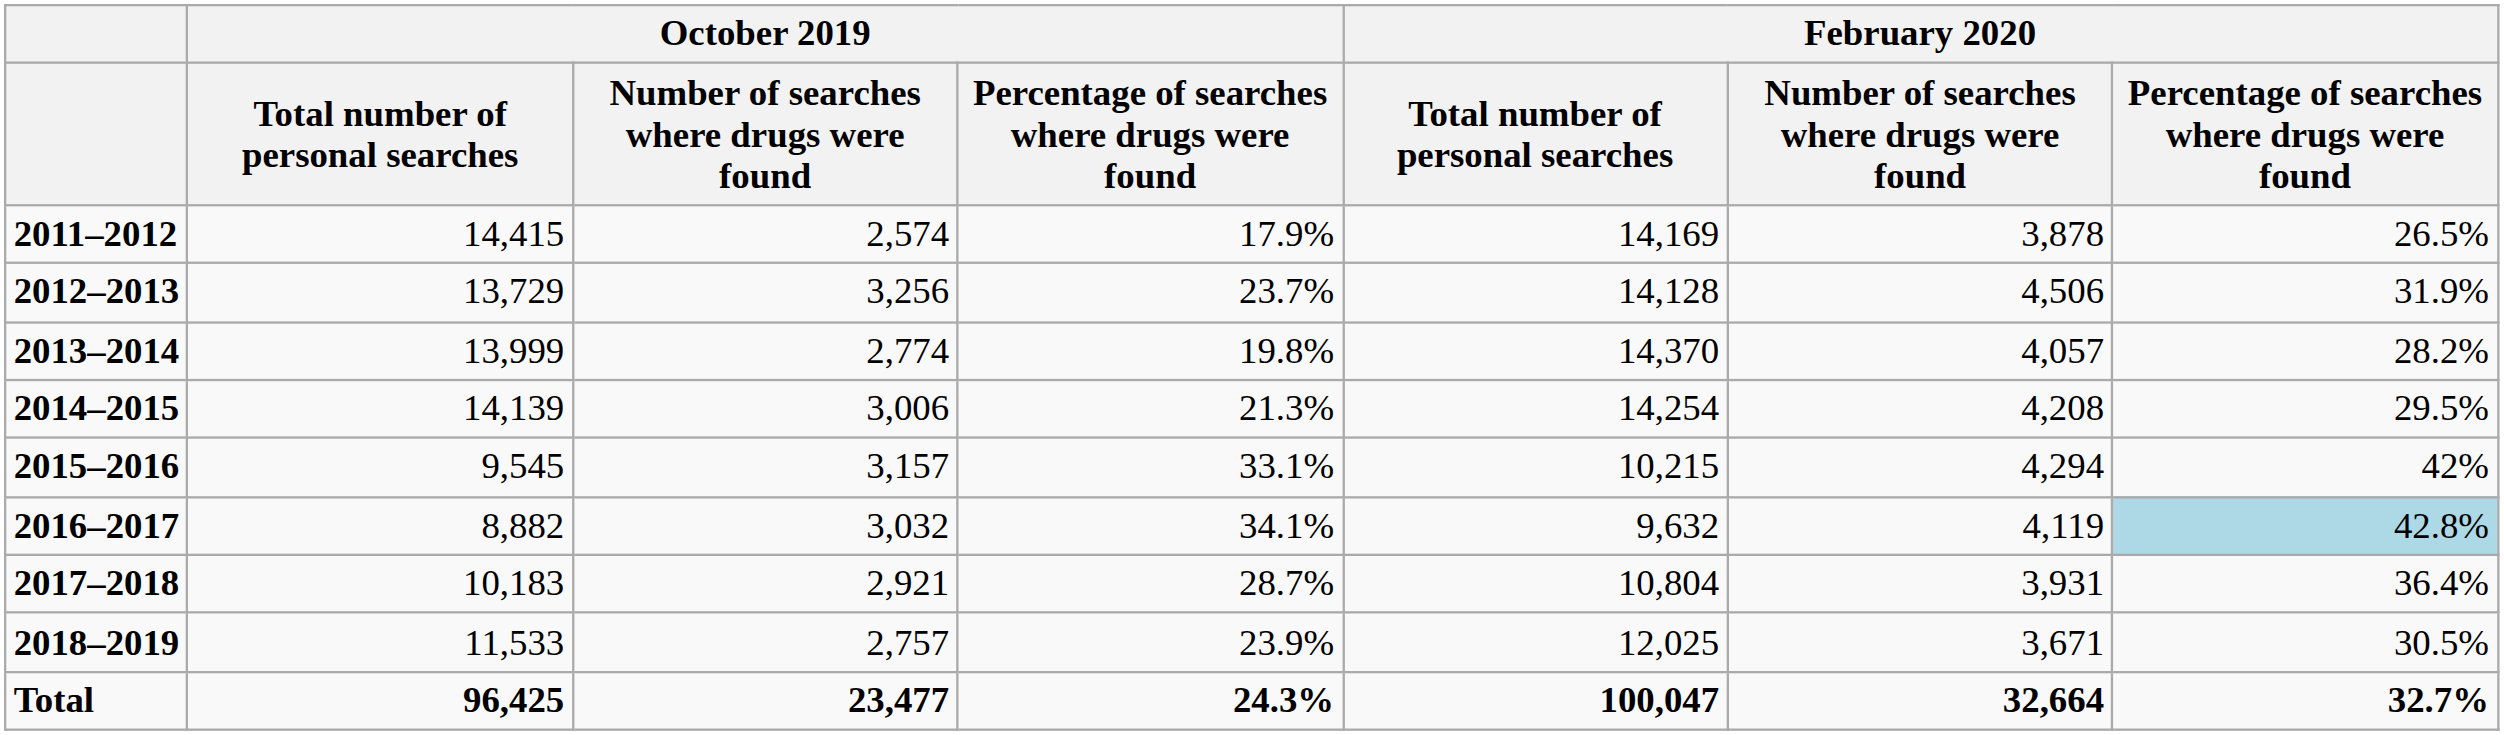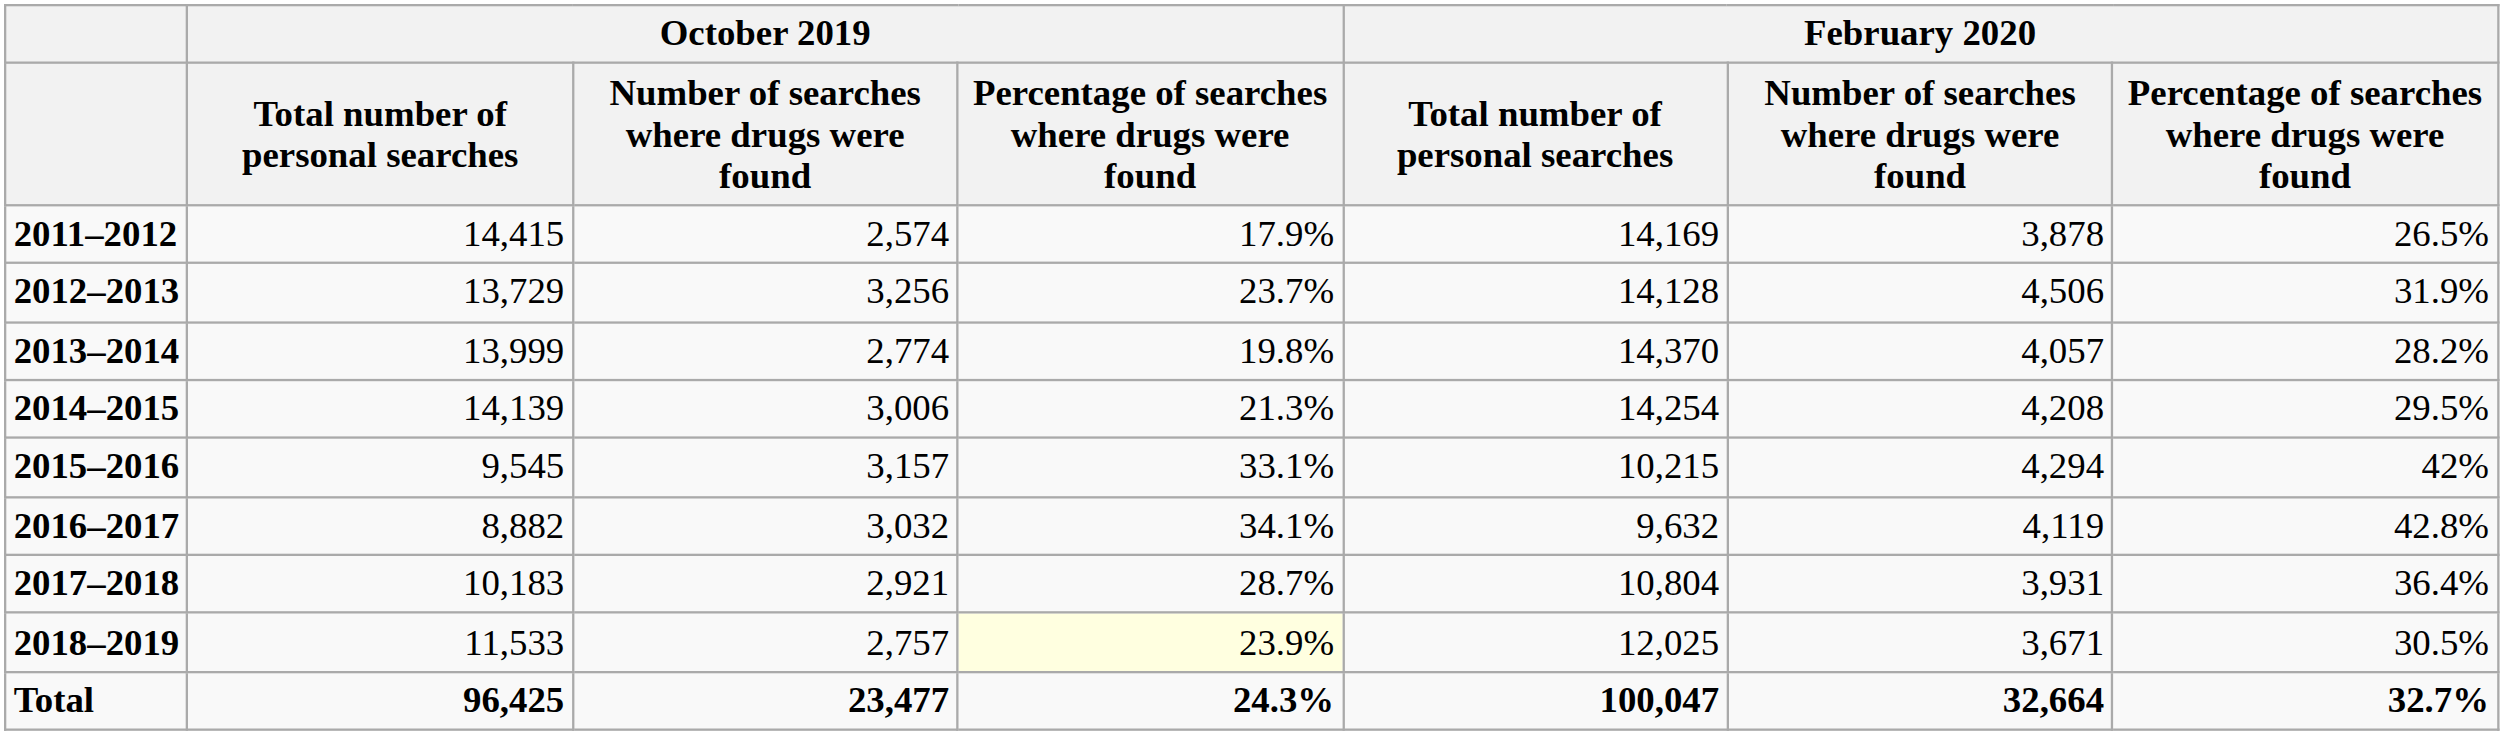 <table class="wikitable">
 <tr>
 <th></th>
 <th colspan="3">October 2019</th>
 <th colspan="3">February 2020</th>
 </tr>
 <tr>
 <th></th>
 <th style="max-width:10em">Total number of personal searches</th>
 <th style="max-width:10em">Number of searches where drugs were found</th>
 <th style="max-width:10em">Percentage of searches where drugs were found</th>
 <th style="max-width:10em">Total number of personal searches</th>
 <th style="max-width:10em">Number of searches where drugs were found</th>
 <th style="max-width:10em">Percentage of searches where drugs were found</th>
 </tr>
 <tr>
 <td style="max-width:10em"><strong>2011–2012</strong></td>
 <td align="right">14,415</td>
 <td align="right">2,574</td>
 <td align="right">17.9%</td>
 <td align="right">14,169</td>
 <td align="right">3,878</td>
 <td align="right">26.5%</td>
 </tr>
 <tr>
 <td style="max-width:10em"><strong>2012–2013</strong></td>
 <td align="right">13,729</td>
 <td align="right">3,256</td>
 <td align="right">23.7%</td>
 <td align="right">14,128</td>
 <td align="right">4,506</td>
 <td align="right">31.9%</td>
 </tr>
 <tr>
 <td style="max-width:10em"><strong>2013–2014</strong></td>
 <td align="right">13,999</td>
 <td align="right">2,774</td>
 <td align="right">19.8%</td>
 <td align="right">14,370</td>
 <td align="right">4,057</td>
 <td align="right">28.2%</td>
 </tr>
 <tr>
 <td style="max-width:10em"><strong>2014–2015</strong></td>
 <td align="right">14,139</td>
 <td align="right">3,006</td>
 <td align="right">21.3%</td>
 <td align="right">14,254</td>
 <td align="right">4,208</td>
 <td align="right">29.5%</td>
 </tr>
 <tr>
 <td style="max-width:10em"><strong>2015–2016</strong></td>
 <td align="right">9,545</td>
 <td align="right">3,157</td>
 <td align="right">33.1%</td>
 <td align="right">10,215</td>
 <td align="right">4,294</td>
 <td align="right">42%</td>
 </tr>
 <tr>
 <td style="max-width:10em"><strong>2016–2017</strong></td>
 <td align="right">8,882</td>
 <td align="right">3,032</td>
 <td align="right">34.1%</td>
 <td align="right">9,632</td>
 <td align="right">4,119</td>
-<td align="right" style="background: lightblue;">42.8%</td>
+<td align="right">42.8%</td>
 </tr>
 <tr>
 <td style="max-width:10em"><strong>2017–2018</strong></td>
 <td align="right">10,183</td>
 <td align="right">2,921</td>
 <td align="right">28.7%</td>
 <td align="right">10,804</td>
 <td align="right">3,931</td>
 <td align="right">36.4%</td>
 </tr>
 <tr>
 <td style="max-width:10em"><strong>2018–2019</strong></td>
 <td align="right">11,533</td>
 <td align="right">2,757</td>
-<td align="right">23.9%</td>
+<td align="right" style="background: lightyellow;">23.9%</td>
 <td align="right">12,025</td>
 <td align="right">3,671</td>
 <td align="right">30.5%</td>
 </tr>
 <tr>
 <td style="max-width:10em"><strong>Total</strong></td>
 <td align="right"><strong>96,425</strong></td>
 <td align="right"><strong>23,477</strong></td>
 <td align="right"><strong>24.3%</strong></td>
 <td align="right"><strong>100,047</strong></td>
 <td align="right"><strong>32,664</strong></td>
 <td align="right"><strong>32.7%</strong></td>
 </tr>
 </table>
